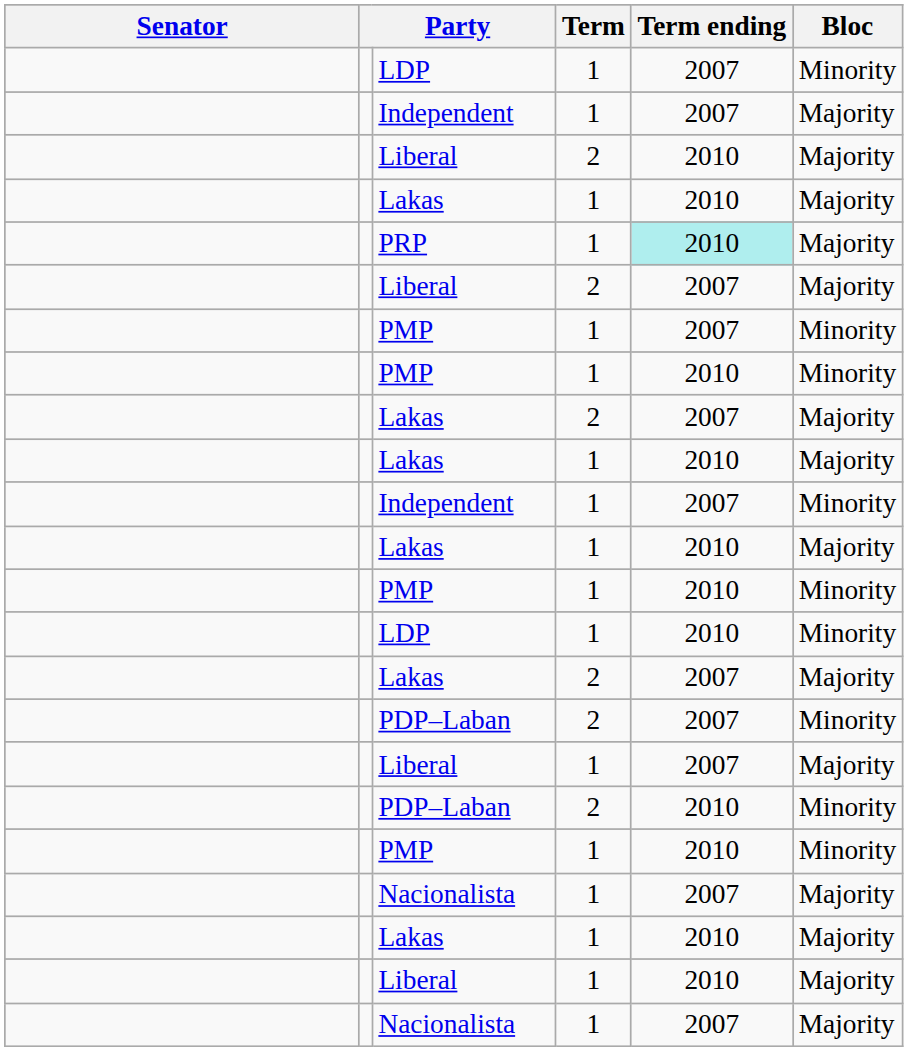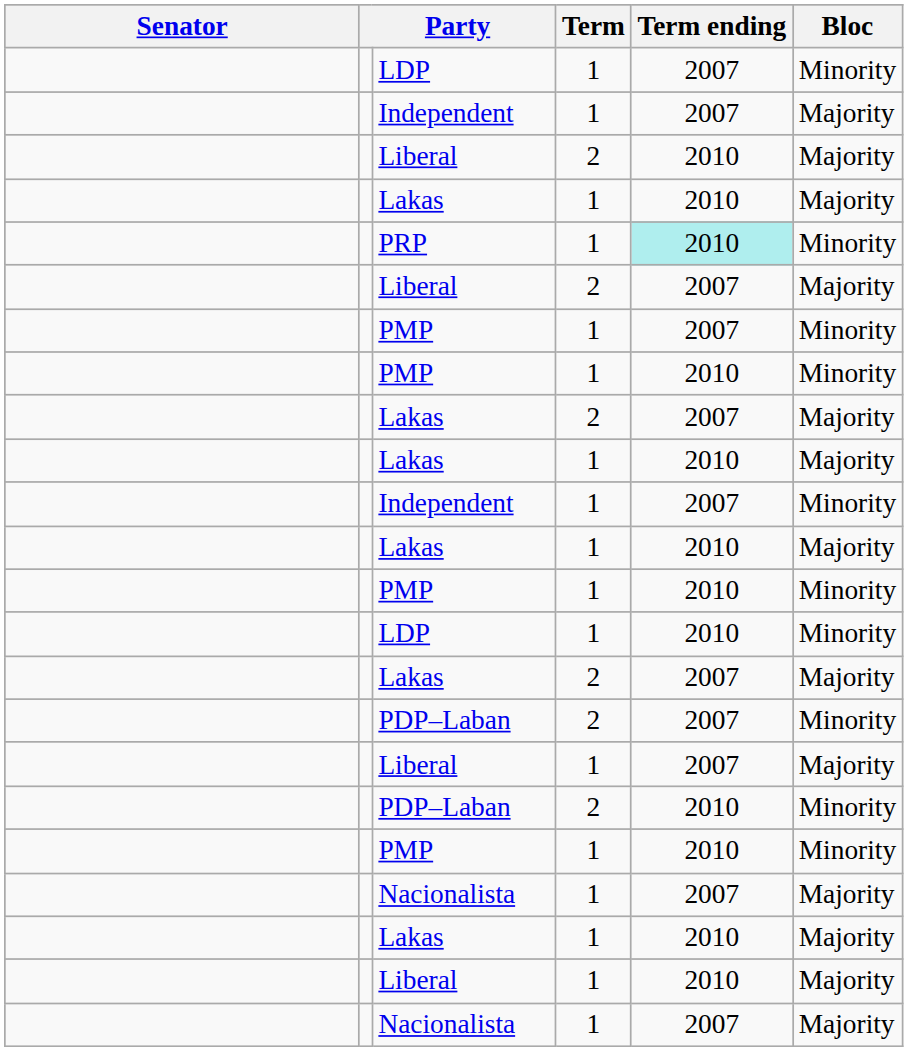 <table class="wikitable sortable">
 <tr>
 <th width="200px"><a href='#'>Senator</a></th>
 <th colspan="2"><a href='#'>Party</a></th>
 <th>Term</th>
 <th>Term ending</th>
 <th>Bloc</th>
 </tr>
 <tr>
 <td></td>
 <td></td>
 <td><a href='#'>LDP</a></td>
 <td align="center">1</td>
 <td align="center">2007</td>
 <td>Minority</td>
 </tr>
 <tr>
 <td></td>
 <td></td>
 <td><a href='#'>Independent</a></td>
 <td align="center">1</td>
 <td align="center">2007</td>
 <td>Majority</td>
 </tr>
 <tr>
 <td></td>
 <td></td>
 <td><a href='#'>Liberal</a></td>
 <td align="center">2</td>
 <td align="center">2010</td>
 <td>Majority</td>
 </tr>
 <tr>
 <td></td>
 <td></td>
 <td width="100px"><a href='#'>Lakas</a></td>
 <td align="center">1</td>
 <td align="center">2010</td>
 <td>Majority</td>
 </tr>
 <tr>
 <td></td>
 <td></td>
 <td><a href='#'>PRP</a></td>
 <td align="center">1</td>
 <td align="center" style="background: paleturquoise;">2010</td>
-<td>Majority</td>
+<td>Minority</td>
 </tr>
 <tr>
 <td></td>
 <td></td>
 <td><a href='#'>Liberal</a></td>
 <td align="center">2</td>
 <td align="center">2007</td>
 <td>Majority</td>
 </tr>
 <tr>
 <td></td>
 <td></td>
 <td><a href='#'>PMP</a></td>
 <td align="center">1</td>
 <td align="center">2007</td>
 <td>Minority</td>
 </tr>
 <tr>
 <td></td>
 <td></td>
 <td><a href='#'>PMP</a></td>
 <td align="center">1</td>
 <td align="center">2010</td>
 <td>Minority</td>
 </tr>
 <tr>
 <td></td>
 <td></td>
 <td><a href='#'>Lakas</a></td>
 <td align="center">2</td>
 <td align="center">2007</td>
 <td>Majority</td>
 </tr>
 <tr>
 <td></td>
 <td></td>
 <td><a href='#'>Lakas</a></td>
 <td align="center">1</td>
 <td align="center">2010</td>
 <td>Majority</td>
 </tr>
 <tr>
 <td></td>
 <td></td>
 <td><a href='#'>Independent</a></td>
 <td align="center">1</td>
 <td align="center">2007</td>
 <td>Minority</td>
 </tr>
 <tr>
 <td></td>
 <td></td>
 <td><a href='#'>Lakas</a></td>
 <td align="center">1</td>
 <td align="center">2010</td>
 <td>Majority</td>
 </tr>
 <tr>
 <td></td>
 <td></td>
 <td><a href='#'>PMP</a></td>
 <td align="center">1</td>
 <td align="center">2010</td>
 <td>Minority</td>
 </tr>
 <tr>
 <td></td>
 <td></td>
 <td><a href='#'>LDP</a></td>
 <td align="center">1</td>
 <td align="center">2010</td>
 <td>Minority</td>
 </tr>
 <tr>
 <td></td>
 <td></td>
 <td><a href='#'>Lakas</a></td>
 <td align="center">2</td>
 <td align="center">2007</td>
 <td>Majority</td>
 </tr>
 <tr>
 <td></td>
 <td></td>
 <td><a href='#'>PDP–Laban</a></td>
 <td align="center">2</td>
 <td align="center">2007</td>
 <td>Minority</td>
 </tr>
 <tr>
 <td></td>
 <td></td>
 <td><a href='#'>Liberal</a></td>
 <td align="center">1</td>
 <td align="center">2007</td>
 <td>Majority</td>
 </tr>
 <tr>
 <td></td>
 <td></td>
 <td><a href='#'>PDP–Laban</a></td>
 <td align="center">2</td>
 <td align="center">2010</td>
 <td>Minority</td>
 </tr>
 <tr>
 <td></td>
 <td></td>
 <td><a href='#'>PMP</a></td>
 <td align="center">1</td>
 <td align="center">2010</td>
 <td>Minority</td>
 </tr>
 <tr>
 <td></td>
 <td></td>
 <td><a href='#'>Nacionalista</a></td>
 <td align="center">1</td>
 <td align="center">2007</td>
 <td>Majority</td>
 </tr>
 <tr>
 <td></td>
 <td></td>
 <td><a href='#'>Lakas</a></td>
 <td align="center">1</td>
 <td align="center">2010</td>
 <td>Majority</td>
 </tr>
 <tr>
 <td></td>
 <td></td>
 <td><a href='#'>Liberal</a></td>
 <td align="center">1</td>
 <td align="center">2010</td>
 <td>Majority</td>
 </tr>
 <tr>
 <td></td>
 <td></td>
 <td><a href='#'>Nacionalista</a></td>
 <td align="center">1</td>
 <td align="center">2007</td>
 <td>Majority</td>
 </tr>
 </table>
